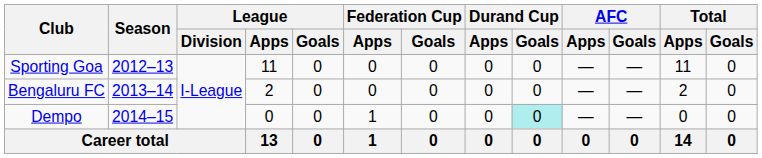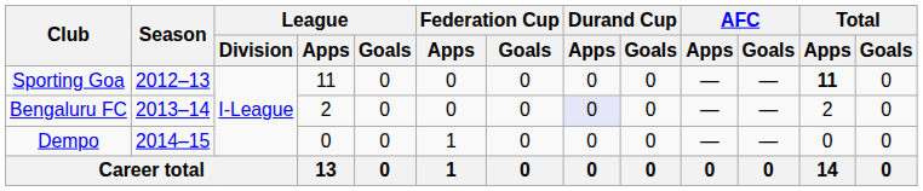 <table class="wikitable" style="text-align: center;">
 <tr>
 <th rowspan="2">Club</th>
 <th rowspan="2">Season</th>
 <th colspan="3">League</th>
 <th colspan="2">Federation Cup</th>
 <th colspan="2">Durand Cup</th>
 <th colspan="2"><a href='#'>AFC</a></th>
 <th colspan="2">Total</th>
 </tr>
 <tr>
 <th>Division</th>
 <th>Apps</th>
 <th>Goals</th>
 <th>Apps</th>
 <th>Goals</th>
 <th>Apps</th>
 <th>Goals</th>
 <th>Apps</th>
 <th>Goals</th>
 <th>Apps</th>
 <th>Goals</th>
 </tr>
 <tr>
 <td rowspan="1"><a href='#'>Sporting Goa</a></td>
 <td><a href='#'>2012–13</a></td>
 <td rowspan="3"><a href='#'>I-League</a></td>
 <td>11</td>
 <td>0</td>
 <td>0</td>
 <td>0</td>
 <td>0</td>
 <td>0</td>
 <td>—</td>
 <td>—</td>
-<td>11</td>
+<td><strong>11</strong></td>
 <td>0</td>
 </tr>
 <tr>
 <td rowspan="1"><a href='#'>Bengaluru FC</a></td>
 <td><a href='#'>2013–14</a></td>
 <td>2</td>
 <td>0</td>
 <td>0</td>
 <td>0</td>
-<td>0</td>
+<td style="background: lavender;">0</td>
 <td>0</td>
 <td>—</td>
 <td>—</td>
 <td>2</td>
 <td>0</td>
 </tr>
 <tr>
 <td rowspan="1"><a href='#'>Dempo</a></td>
 <td><a href='#'>2014–15</a></td>
 <td>0</td>
 <td>0</td>
 <td>1</td>
 <td>0</td>
 <td>0</td>
-<td style="background: paleturquoise;">0</td>
+<td>0</td>
 <td>—</td>
 <td>—</td>
 <td>0</td>
 <td>0</td>
 </tr>
 <tr>
 <th colspan="3">Career total</th>
 <th>13</th>
 <th>0</th>
 <th>1</th>
 <th>0</th>
 <th>0</th>
 <th>0</th>
 <th>0</th>
 <th>0</th>
 <th>14</th>
 <th>0</th>
 </tr>
 </table>
